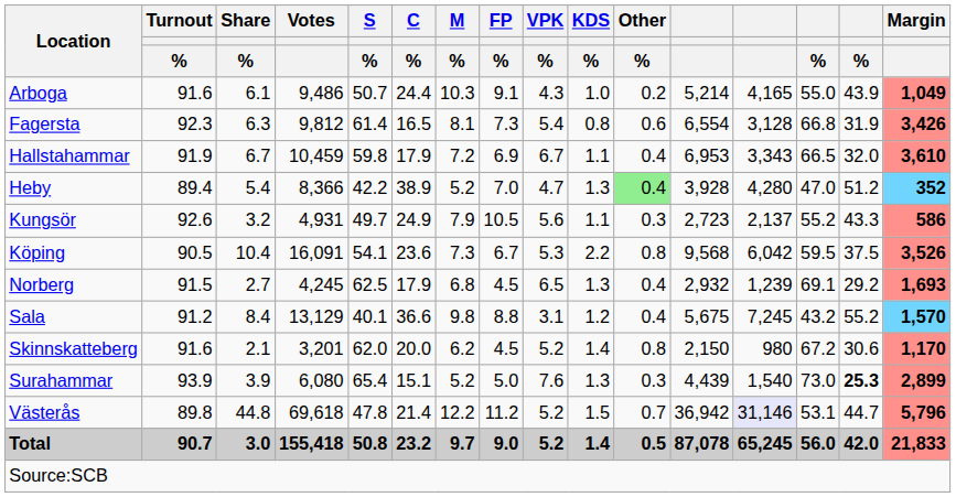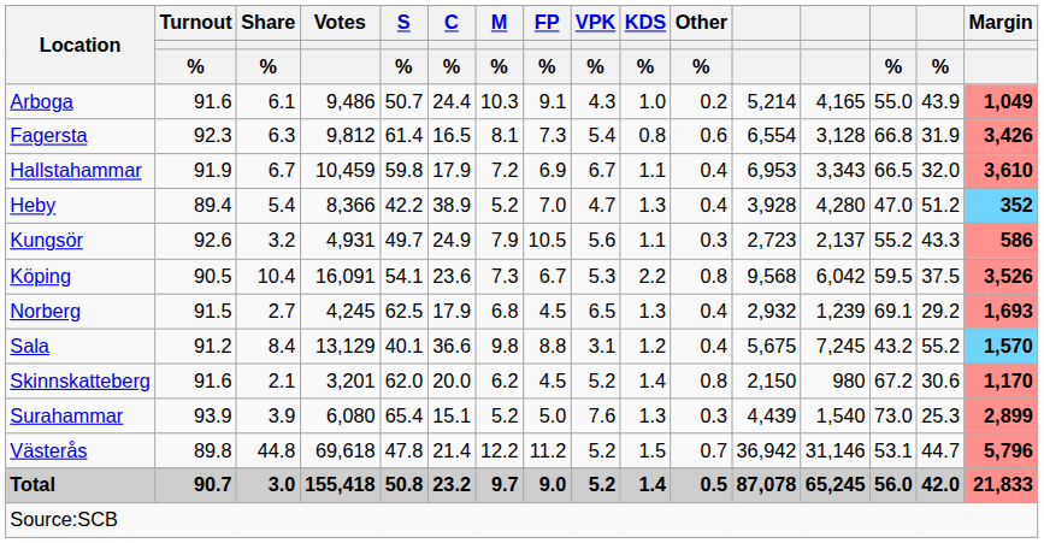 <table class="wikitable sortable" style="text-align:right; font-size:95%; line-height:20px;">
 <tr>
 <th rowspan="3">Location</th>
 <th>Turnout</th>
 <th>Share</th>
 <th>Votes</th>
 <th width="30px" class="unsortable"><a href='#'>S</a></th>
 <th width="30px" class="unsortable"><a href='#'>C</a></th>
 <th width="30px" class="unsortable"><a href='#'>M</a></th>
 <th width="30px" class="unsortable"><a href='#'>FP</a></th>
 <th width="30px" class="unsortable"><a href='#'>VPK</a></th>
 <th width="30px" class="unsortable"><a href='#'>KDS</a></th>
 <th width="30px" class="unsortable">Other</th>
 <th></th>
 <th></th>
 <th></th>
 <th></th>
 <th>Margin</th>
 </tr>
 <tr>
 <th></th>
 <th></th>
 <th></th>
 <th style="background:"></th>
 <th style="background:"></th>
 <th style="background:"></th>
 <th style="background:"></th>
 <th style="background:"></th>
 <th style="background:"></th>
 <th style="background:"></th>
 <th style="background:"></th>
 <th style="background:"></th>
 <th style="background:"></th>
 <th style="background:"></th>
 <th></th>
 </tr>
 <tr>
 <th data-sort-type="number">%</th>
 <th data-sort-type="number">%</th>
 <th></th>
 <th data-sort-type="number">%</th>
 <th data-sort-type="number">%</th>
 <th data-sort-type="number">%</th>
 <th data-sort-type="number">%</th>
 <th data-sort-type="number">%</th>
 <th data-sort-type="number">%</th>
 <th data-sort-type="number">%</th>
 <th data-sort-type="number"></th>
 <th data-sort-type="number"></th>
 <th data-sort-type="number">%</th>
 <th data-sort-type="number">%</th>
 <th data-sort-type="number"></th>
 </tr>
 <tr>
 <td align=left><a href='#'>Arboga</a></td>
 <td>91.6</td>
 <td>6.1</td>
 <td>9,486</td>
 <td>50.7</td>
 <td>24.4</td>
 <td>10.3</td>
 <td>9.1</td>
 <td>4.3</td>
 <td>1.0</td>
 <td>0.2</td>
 <td>5,214</td>
 <td>4,165</td>
 <td>55.0</td>
 <td>43.9</td>
 <td bgcolor=#ff908c><strong>1,049</strong></td>
 </tr>
 <tr>
 <td align=left><a href='#'>Fagersta</a></td>
 <td>92.3</td>
 <td>6.3</td>
 <td>9,812</td>
 <td>61.4</td>
 <td>16.5</td>
 <td>8.1</td>
 <td>7.3</td>
 <td>5.4</td>
 <td>0.8</td>
 <td>0.6</td>
 <td>6,554</td>
 <td>3,128</td>
 <td>66.8</td>
 <td>31.9</td>
 <td bgcolor=#ff908c><strong>3,426</strong></td>
 </tr>
 <tr>
 <td align=left><a href='#'>Hallstahammar</a></td>
 <td>91.9</td>
 <td>6.7</td>
 <td>10,459</td>
 <td>59.8</td>
 <td>17.9</td>
 <td>7.2</td>
 <td>6.9</td>
 <td>6.7</td>
 <td>1.1</td>
 <td>0.4</td>
 <td>6,953</td>
 <td>3,343</td>
 <td>66.5</td>
 <td>32.0</td>
 <td bgcolor=#ff908c><strong>3,610</strong></td>
 </tr>
 <tr>
 <td align=left><a href='#'>Heby</a></td>
 <td>89.4</td>
 <td>5.4</td>
 <td>8,366</td>
 <td>42.2</td>
 <td>38.9</td>
 <td>5.2</td>
 <td>7.0</td>
 <td>4.7</td>
 <td>1.3</td>
-<td style="background: lightgreen;">0.4</td>
+<td>0.4</td>
 <td>3,928</td>
 <td>4,280</td>
 <td>47.0</td>
 <td>51.2</td>
 <td bgcolor=#6fd5fe><strong>352</strong></td>
 </tr>
 <tr>
 <td align=left><a href='#'>Kungsör</a></td>
 <td>92.6</td>
 <td>3.2</td>
 <td>4,931</td>
 <td>49.7</td>
 <td>24.9</td>
 <td>7.9</td>
 <td>10.5</td>
 <td>5.6</td>
 <td>1.1</td>
 <td>0.3</td>
 <td>2,723</td>
 <td>2,137</td>
 <td>55.2</td>
 <td>43.3</td>
 <td bgcolor=#ff908c><strong>586</strong></td>
 </tr>
 <tr>
 <td align=left><a href='#'>Köping</a></td>
 <td>90.5</td>
 <td>10.4</td>
 <td>16,091</td>
 <td>54.1</td>
 <td>23.6</td>
 <td>7.3</td>
 <td>6.7</td>
 <td>5.3</td>
 <td>2.2</td>
 <td>0.8</td>
 <td>9,568</td>
 <td>6,042</td>
 <td>59.5</td>
 <td>37.5</td>
 <td bgcolor=#ff908c><strong>3,526</strong></td>
 </tr>
 <tr>
 <td align=left><a href='#'>Norberg</a></td>
 <td>91.5</td>
 <td>2.7</td>
 <td>4,245</td>
 <td>62.5</td>
 <td>17.9</td>
 <td>6.8</td>
 <td>4.5</td>
 <td>6.5</td>
 <td>1.3</td>
 <td>0.4</td>
 <td>2,932</td>
 <td>1,239</td>
 <td>69.1</td>
 <td>29.2</td>
 <td bgcolor=#ff908c><strong>1,693</strong></td>
 </tr>
 <tr>
 <td align=left><a href='#'>Sala</a></td>
 <td>91.2</td>
 <td>8.4</td>
 <td>13,129</td>
 <td>40.1</td>
 <td>36.6</td>
 <td>9.8</td>
 <td>8.8</td>
 <td>3.1</td>
 <td>1.2</td>
 <td>0.4</td>
 <td>5,675</td>
 <td>7,245</td>
 <td>43.2</td>
 <td>55.2</td>
 <td bgcolor=#6fd5fe><strong>1,570</strong></td>
 </tr>
 <tr>
 <td align=left><a href='#'>Skinnskatteberg</a></td>
 <td>91.6</td>
 <td>2.1</td>
 <td>3,201</td>
 <td>62.0</td>
 <td>20.0</td>
 <td>6.2</td>
 <td>4.5</td>
 <td>5.2</td>
 <td>1.4</td>
 <td>0.8</td>
 <td>2,150</td>
 <td>980</td>
 <td>67.2</td>
 <td>30.6</td>
 <td bgcolor=#ff908c><strong>1,170</strong></td>
 </tr>
 <tr>
 <td align=left><a href='#'>Surahammar</a></td>
 <td>93.9</td>
 <td>3.9</td>
 <td>6,080</td>
 <td>65.4</td>
 <td>15.1</td>
 <td>5.2</td>
 <td>5.0</td>
 <td>7.6</td>
 <td>1.3</td>
 <td>0.3</td>
 <td>4,439</td>
 <td>1,540</td>
 <td>73.0</td>
-<td><strong>25.3</strong></td>
+<td>25.3</td>
 <td bgcolor=#ff908c><strong>2,899</strong></td>
 </tr>
 <tr>
 <td align=left><a href='#'>Västerås</a></td>
 <td>89.8</td>
 <td>44.8</td>
 <td>69,618</td>
 <td>47.8</td>
 <td>21.4</td>
 <td>12.2</td>
 <td>11.2</td>
 <td>5.2</td>
 <td>1.5</td>
 <td>0.7</td>
 <td>36,942</td>
-<td style="background: lavender;">31,146</td>
+<td>31,146</td>
 <td>53.1</td>
 <td>44.7</td>
 <td bgcolor=#ff908c><strong>5,796</strong></td>
 </tr>
 <tr style="background:#CDCDCD;">
 <td align=left><strong>Total</strong></td>
 <td><strong>90.7</strong></td>
 <td><strong>3.0</strong></td>
 <td><strong>155,418</strong></td>
 <td><strong>50.8</strong></td>
 <td><strong>23.2</strong></td>
 <td><strong>9.7</strong></td>
 <td><strong>9.0</strong></td>
 <td><strong>5.2</strong></td>
 <td><strong>1.4</strong></td>
 <td><strong>0.5</strong></td>
 <td><strong>87,078</strong></td>
 <td><strong>65,245</strong></td>
 <td><strong>56.0</strong></td>
 <td><strong>42.0</strong></td>
 <td bgcolor=#ff908c><strong>21,833</strong></td>
 </tr>
 <tr>
 <td align=left colspan=16>Source:SCB </td>
 </tr>
 </table>
